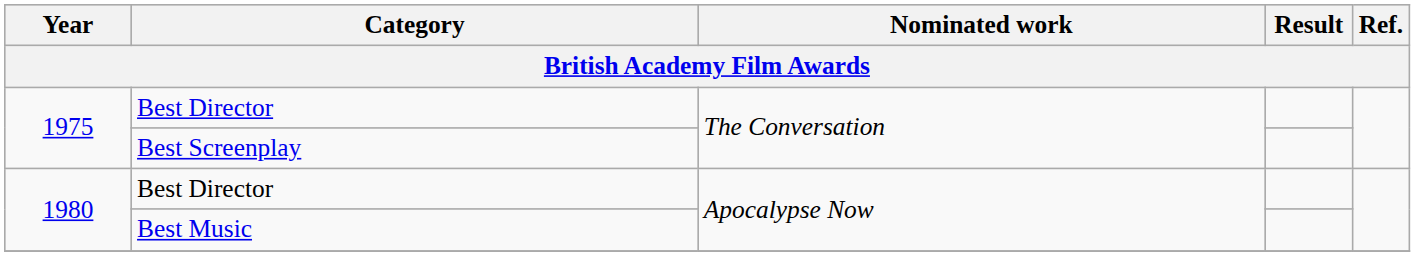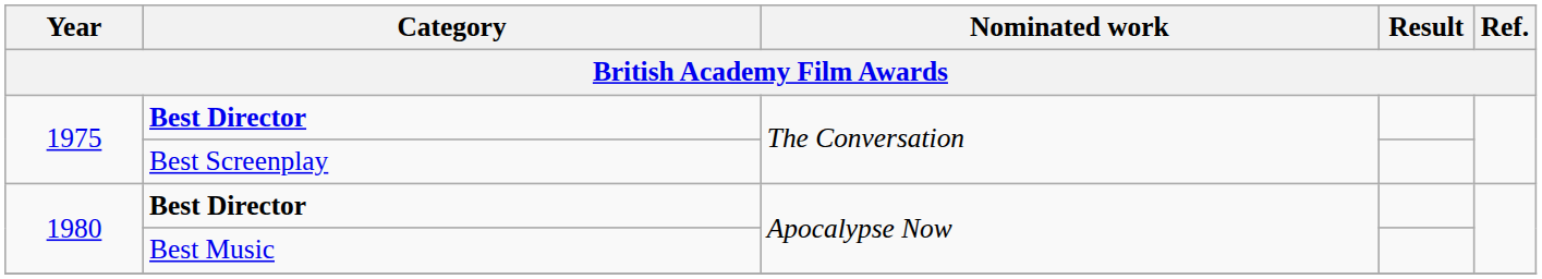 <table class="wikitable sortable plainrowheaders" Style=font-size:98%>
 <tr>
 <th scope="col" style="width:9%;">Year</th>
 <th scope="col" style="width:20em;">Category</th>
 <th scope="col" style="width:20em;">Nominated work</th>
 <th scope="col" style="width:2em;">Result</th>
 <th scope="col" style="width:4%;" class="unsortable">Ref.</th>
 </tr>
 <tr>
 <th colspan=5><a href='#'>British Academy Film Awards</a></th>
 </tr>
 <tr>
 <td style="text-align:center;", rowspan=2><a href='#'>1975</a></td>
-<td><a href='#'>Best Director</a></td>
+<td><strong><a href='#'>Best Director</a></strong></td>
 <td rowspan=2><em>The Conversation</em></td>
 <td></td>
 <td style="text-align:center;", rowspan=2></td>
 </tr>
 <tr>
 <td><a href='#'>Best Screenplay</a></td>
 <td></td>
 </tr>
 <tr>
 <td style="text-align:center;", rowspan=2><a href='#'>1980</a></td>
-<td>Best Director</td>
+<td><strong>Best Director</strong></td>
 <td rowspan=2><em>Apocalypse Now</em></td>
 <td></td>
 <td style="text-align:center;", rowspan=2></td>
 </tr>
 <tr>
 <td><a href='#'>Best Music</a></td>
 <td></td>
 </tr>
 <tr>
 </tr>
 </table>
